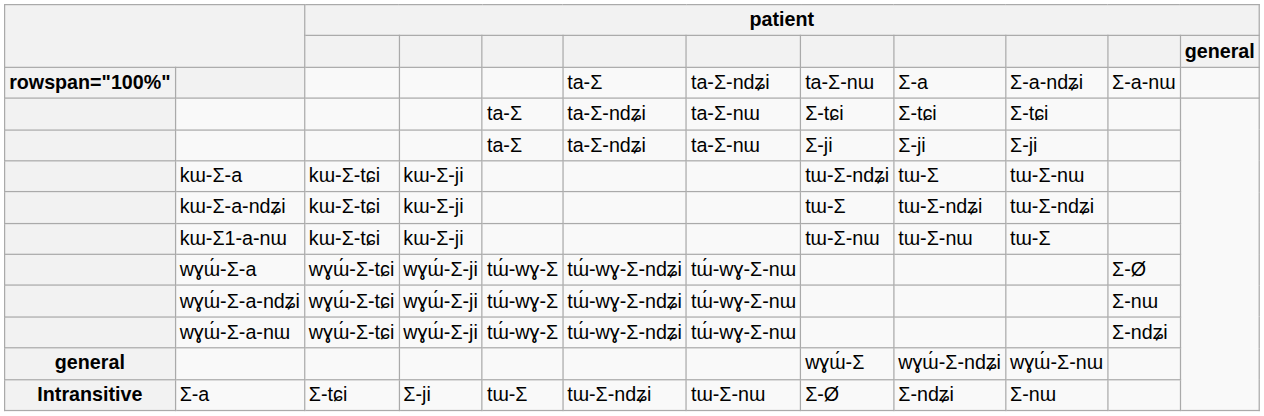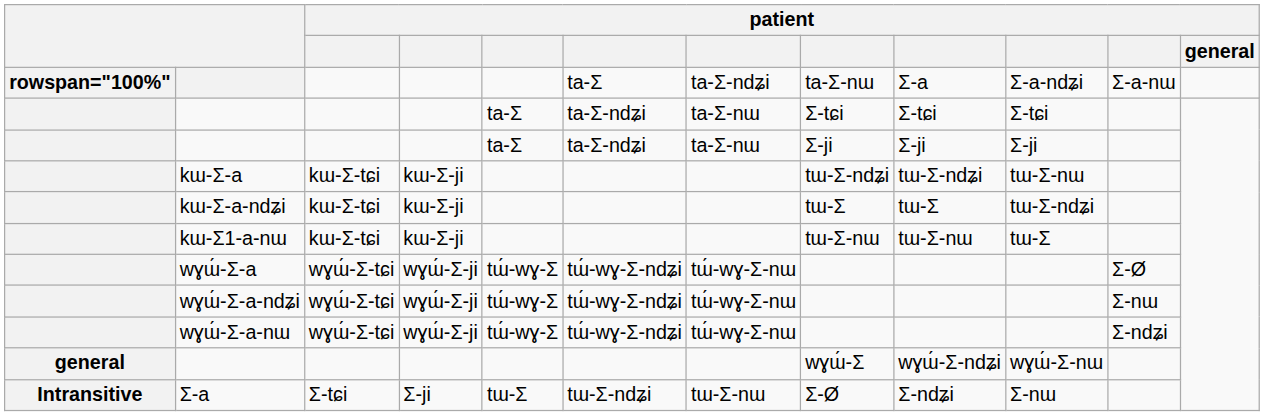 <table class="wikitable">
 <tr>
 <th colspan=2 rowspan=2></th>
 <th colspan="100%">patient</th>
 </tr>
 <tr>
 <th></th>
 <th></th>
 <th></th>
 <th></th>
 <th></th>
 <th></th>
 <th></th>
 <th></th>
 <th></th>
 <th>general</th>
 </tr>
 <tr>
 <th>rowspan="100%" </th>
 <th></th>
 <td></td>
 <td></td>
 <td></td>
 <td>ta-Σ</td>
 <td>ta-Σ-ndʑi</td>
 <td>ta-Σ-nɯ</td>
 <td>Σ-a</td>
 <td>Σ-a-ndʑi</td>
 <td>Σ-a-nɯ</td>
 <td></td>
 </tr>
 <tr>
 <th></th>
 <td></td>
 <td></td>
 <td></td>
 <td>ta-Σ</td>
 <td>ta-Σ-ndʑi</td>
 <td>ta-Σ-nɯ</td>
 <td>Σ-tɕi</td>
 <td>Σ-tɕi</td>
 <td>Σ-tɕi</td>
 <td></td>
 </tr>
 <tr>
 <th></th>
 <td></td>
 <td></td>
 <td></td>
 <td>ta-Σ</td>
 <td>ta-Σ-ndʑi</td>
 <td>ta-Σ-nɯ</td>
 <td>Σ-ji</td>
 <td>Σ-ji</td>
 <td>Σ-ji</td>
 <td></td>
 </tr>
 <tr>
 <th></th>
 <td>kɯ-Σ-a</td>
 <td>kɯ-Σ-tɕi</td>
 <td>kɯ-Σ-ji</td>
 <td></td>
 <td></td>
 <td></td>
 <td>tɯ-Σ-ndʑi</td>
-<td>tɯ-Σ</td>
+<td>tɯ-Σ-ndʑi</td>
 <td>tɯ-Σ-nɯ</td>
 <td></td>
 </tr>
 <tr>
 <th></th>
 <td>kɯ-Σ-a-ndʑi</td>
 <td>kɯ-Σ-tɕi</td>
 <td>kɯ-Σ-ji</td>
 <td></td>
 <td></td>
 <td></td>
 <td>tɯ-Σ</td>
-<td>tɯ-Σ-ndʑi</td>
+<td>tɯ-Σ</td>
 <td>tɯ-Σ-ndʑi</td>
 <td></td>
 </tr>
 <tr>
 <th></th>
 <td>kɯ-Σ1-a-nɯ</td>
 <td>kɯ-Σ-tɕi</td>
 <td>kɯ-Σ-ji</td>
 <td></td>
 <td></td>
 <td></td>
 <td>tɯ-Σ-nɯ</td>
 <td>tɯ-Σ-nɯ</td>
 <td>tɯ-Σ</td>
 <td></td>
 </tr>
 <tr>
 <th></th>
 <td>wɣɯ́-Σ-a</td>
 <td>wɣɯ́-Σ-tɕi</td>
 <td>wɣɯ́-Σ-ji</td>
 <td>tɯ́-wɣ-Σ</td>
 <td>tɯ́-wɣ-Σ-ndʑi</td>
 <td>tɯ́-wɣ-Σ-nɯ</td>
 <td></td>
 <td></td>
 <td></td>
 <td>Σ-Ø</td>
 </tr>
 <tr>
 <th></th>
 <td>wɣɯ́-Σ-a-ndʑi</td>
 <td>wɣɯ́-Σ-tɕi</td>
 <td>wɣɯ́-Σ-ji</td>
 <td>tɯ́-wɣ-Σ</td>
 <td>tɯ́-wɣ-Σ-ndʑi</td>
 <td>tɯ́-wɣ-Σ-nɯ</td>
 <td></td>
 <td></td>
 <td></td>
 <td>Σ-nɯ</td>
 </tr>
 <tr>
 <th></th>
 <td>wɣɯ́-Σ-a-nɯ</td>
 <td>wɣɯ́-Σ-tɕi</td>
 <td>wɣɯ́-Σ-ji</td>
 <td>tɯ́-wɣ-Σ</td>
 <td>tɯ́-wɣ-Σ-ndʑi</td>
 <td>tɯ́-wɣ-Σ-nɯ</td>
 <td></td>
 <td></td>
 <td></td>
 <td>Σ-ndʑi</td>
 </tr>
 <tr>
 <th>general</th>
 <td></td>
 <td></td>
 <td></td>
 <td></td>
 <td></td>
 <td></td>
 <td>wɣɯ́-Σ</td>
 <td>wɣɯ́-Σ-ndʑi</td>
 <td>wɣɯ́-Σ-nɯ</td>
 <td></td>
 </tr>
 <tr>
 <th>Intransitive</th>
 <td>Σ-a</td>
 <td>Σ-tɕi</td>
 <td>Σ-ji</td>
 <td>tɯ-Σ</td>
 <td>tɯ-Σ-ndʑi</td>
 <td>tɯ-Σ-nɯ</td>
 <td>Σ-Ø</td>
 <td>Σ-ndʑi</td>
 <td>Σ-nɯ</td>
 <td></td>
 </tr>
 </table>
